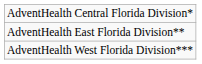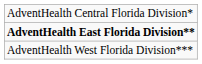 <table class="wikitable">
 <tr>
 <td>AdventHealth Central Florida Division*</td>
 </tr>
 <tr>
-<td>AdventHealth East Florida Division**</td>
+<td><strong>AdventHealth East Florida Division**</strong></td>
 </tr>
 <tr>
 <td>AdventHealth West Florida Division***</td>
 </tr>
 </table>
